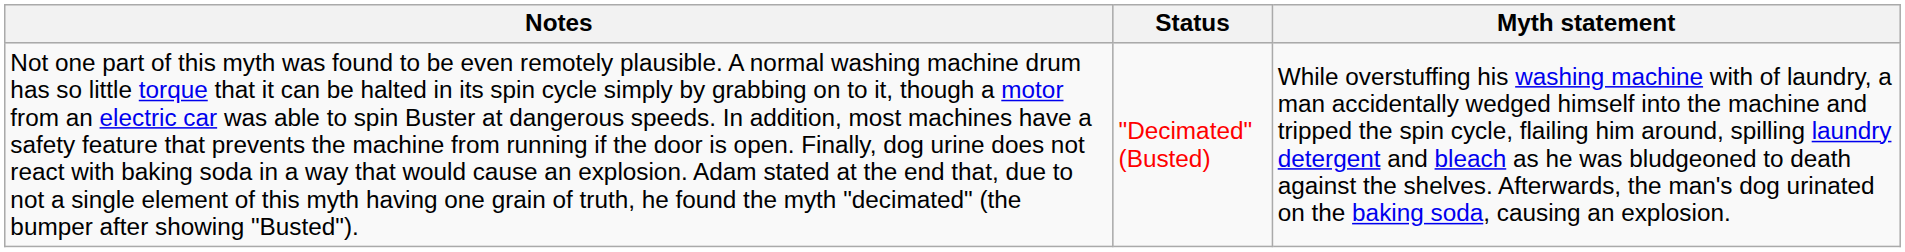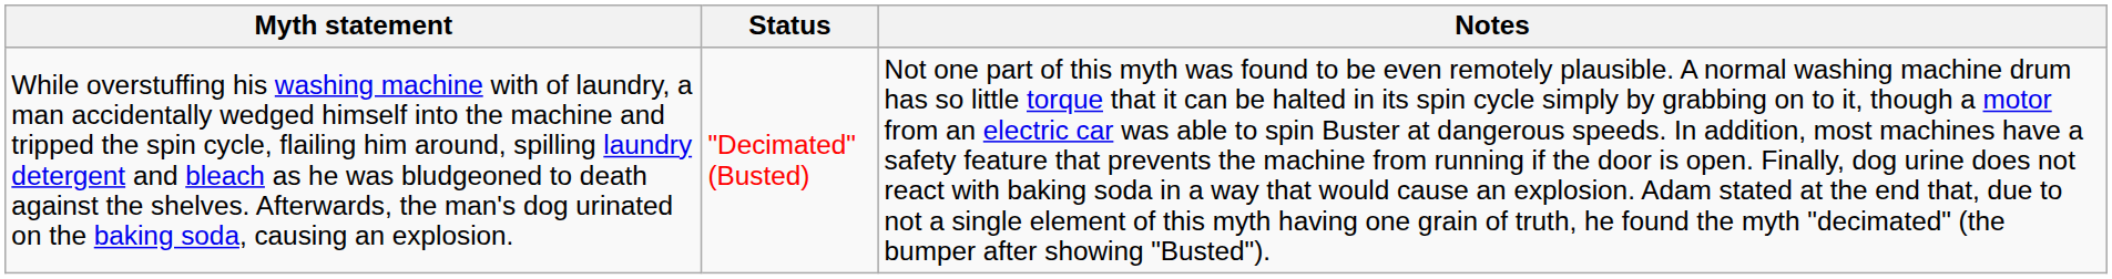 <table class="wikitable plainrowheaders">
 <tr>
+<th>Myth statement</th>
+<th>Status</th>
 <th>Notes</th>
-<th>Status</th>
-<th>Myth statement</th>
 </tr>
 <tr>
+<td>While overstuffing his <a href='#'>washing machine</a> with  of laundry, a man accidentally wedged himself into the machine and tripped the spin cycle, flailing him around, spilling <a href='#'>laundry detergent</a> and <a href='#'>bleach</a> as he was bludgeoned to death against the shelves. Afterwards, the man's dog urinated on the <a href='#'>baking soda</a>, causing an explosion.</td>
+<td style="color:red">"Decimated" (Busted)</td>
 <td>Not one part of this myth was found to be even remotely plausible. A normal washing machine drum has so little <a href='#'>torque</a> that it can be halted in its spin cycle simply by grabbing on to it, though a <a href='#'>motor</a> from an <a href='#'>electric car</a> was able to spin Buster at dangerous speeds. In addition, most machines have a safety feature that prevents the machine from running if the door is open. Finally, dog urine does not react with baking soda in a way that would cause an explosion. Adam stated at the end that, due to not a single element of this myth having one grain of truth, he found the myth "decimated" (the bumper after showing "Busted").</td>
-<td style="color:red">"Decimated" (Busted)</td>
-<td>While overstuffing his <a href='#'>washing machine</a> with  of laundry, a man accidentally wedged himself into the machine and tripped the spin cycle, flailing him around, spilling <a href='#'>laundry detergent</a> and <a href='#'>bleach</a> as he was bludgeoned to death against the shelves. Afterwards, the man's dog urinated on the <a href='#'>baking soda</a>, causing an explosion.</td>
 </tr>
 </table>
